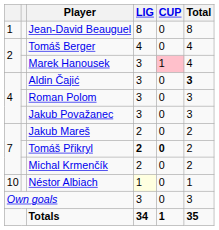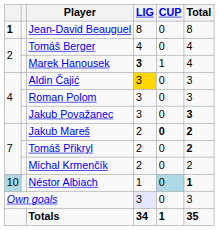 <table class="wikitable"  class= style="text-align:center; border:1px #aaa solid; font-size:95%;">
 <tr>
 <th></th>
 <th></th>
 <th>Player</th>
 <th><a href='#'>LIG</a></th>
 <th><a href='#'>CUP</a></th>
 <th>Total</th>
 </tr>
 <tr>
-<td rowspan="1">1</td>
+<td rowspan="1"><strong>1</strong></td>
 <td></td>
 <td><a href='#'>Jean-David Beauguel</a></td>
 <td>8</td>
 <td>0</td>
 <td>8</td>
 </tr>
 <tr>
 <td rowspan="2">2</td>
 <td></td>
 <td><a href='#'>Tomáš Berger</a></td>
 <td>4</td>
 <td>0</td>
 <td>4</td>
 </tr>
 <tr>
 <td></td>
 <td><a href='#'>Marek Hanousek</a></td>
-<td>3</td>
-<td style="background: pink;">1</td>
+<td><strong>3</strong></td>
+<td>1</td>
 <td>4</td>
 </tr>
 <tr>
 <td rowspan="3">4</td>
 <td></td>
 <td><a href='#'>Aldin Čajić</a></td>
+<td style="background: gold;">3</td>
+<td>0</td>
 <td>3</td>
-<td>0</td>
-<td><strong>3</strong></td>
 </tr>
 <tr>
 <td></td>
 <td><a href='#'>Roman Polom</a></td>
 <td>3</td>
 <td>0</td>
 <td>3</td>
 </tr>
 <tr>
 <td></td>
 <td><a href='#'>Jakub Považanec</a></td>
 <td>3</td>
 <td>0</td>
-<td>3</td>
+<td><strong>3</strong></td>
 </tr>
 <tr>
 <td rowspan="3">7</td>
 <td></td>
 <td><a href='#'>Jakub Mareš</a></td>
 <td>2</td>
-<td>0</td>
-<td>2</td>
+<td><strong>0</strong></td>
+<td><strong>2</strong></td>
 </tr>
 <tr>
 <td></td>
 <td><a href='#'>Tomáš Přikryl</a></td>
+<td>2</td>
+<td>0</td>
 <td><strong>2</strong></td>
-<td><strong>0</strong></td>
-<td>2</td>
 </tr>
 <tr>
 <td></td>
 <td><a href='#'>Michal Krmenčík</a></td>
 <td>2</td>
 <td>0</td>
 <td>2</td>
 </tr>
 <tr>
-<td rowspan="1">10</td>
+<td rowspan="1" style="background: lightblue;">10</td>
 <td></td>
 <td><a href='#'>Néstor Albiach</a></td>
-<td style="background: lightyellow;">1</td>
-<td>0</td>
 <td>1</td>
+<td style="background: lightblue;">0</td>
+<td><strong>1</strong></td>
 </tr>
 <tr>
 <td colspan="3"><em><a href='#'>Own goals</a></em></td>
-<td>3</td>
+<td style="background: lavender;">3</td>
 <td>0</td>
 <td>3</td>
 </tr>
 <tr>
 <td colspan="2"></td>
 <td><strong>Totals</strong></td>
 <td><strong>34</strong></td>
 <td><strong>1</strong></td>
 <td><strong>35</strong></td>
 </tr>
 </table>
